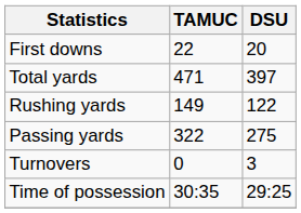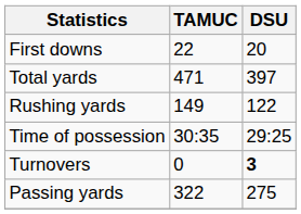 <table class="wikitable" style="float: left;">
 <tr>
 <th>Statistics</th>
 <th>TAMUC</th>
 <th>DSU</th>
 </tr>
 <tr>
 <td>First downs</td>
 <td>22</td>
 <td>20</td>
 </tr>
 <tr>
 <td>Total yards</td>
 <td>471</td>
 <td>397</td>
 </tr>
 <tr>
 <td>Rushing yards</td>
 <td>149</td>
 <td>122</td>
 </tr>
 <tr>
+<td>Time of possession</td>
+<td>30:35</td>
+<td>29:25</td>
+</tr>
+<tr>
+<td>Turnovers</td>
+<td>0</td>
+<td><strong>3</strong></td>
+</tr>
+<tr>
 <td>Passing yards</td>
 <td>322</td>
 <td>275</td>
 </tr>
 <tr>
-<td>Turnovers</td>
-<td>0</td>
-<td>3</td>
-</tr>
-<tr>
-<td>Time of possession</td>
-<td>30:35</td>
-<td>29:25</td>
-</tr>
-<tr>
 </tr>
 </table>
